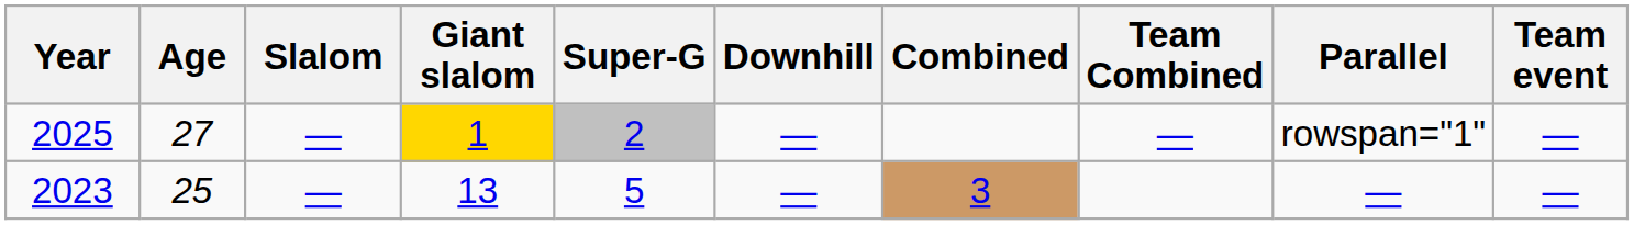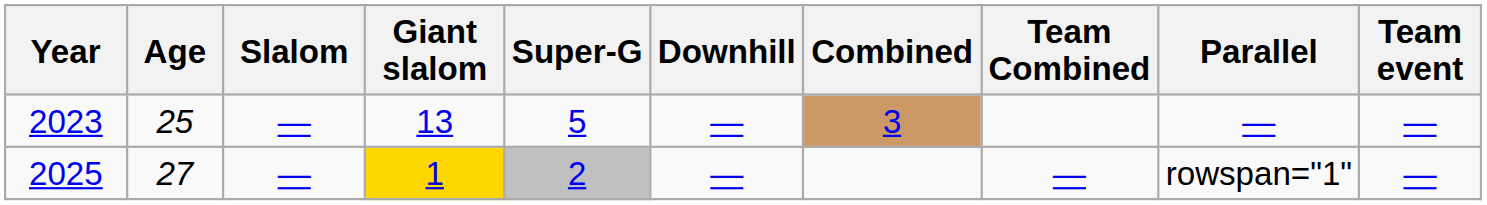 <table class="wikitable" style="text-align:center; font-size:95%;">
 <tr>
 <th>  Year  </th>
 <th> Age </th>
 <th> Slalom </th>
 <th> Giant <br> slalom </th>
 <th>Super-G</th>
 <th>Downhill</th>
 <th>Combined</th>
 <th>Team<br>Combined</th>
 <th>Parallel</th>
 <th>Team<br> event </th>
 </tr>
 <tr>
+<td><a href='#'>2023</a></td>
+<td><em>25</em></td>
+<td><a href='#'>—</a></td>
+<td><a href='#'>13</a></td>
+<td><a href='#'>5</a></td>
+<td><a href='#'>—</a></td>
+<td style="background:#c96;"><a href='#'>3</a></td>
+<td></td>
+<td><a href='#'>—</a></td>
+<td><a href='#'>—</a></td>
+</tr>
+<tr>
 <td><a href='#'>2025</a></td>
 <td><em>27</em></td>
 <td><a href='#'>—</a></td>
 <td style="background:gold;"><a href='#'>1</a></td>
 <td style="background:silver;"><a href='#'>2</a></td>
 <td><a href='#'>—</a></td>
 <td></td>
 <td><a href='#'>—</a></td>
 <td>rowspan="1" </td>
 <td><a href='#'>—</a></td>
 </tr>
-<tr>
-<td><a href='#'>2023</a></td>
-<td><em>25</em></td>
-<td><a href='#'>—</a></td>
-<td><a href='#'>13</a></td>
-<td><a href='#'>5</a></td>
-<td><a href='#'>—</a></td>
-<td style="background:#c96;"><a href='#'>3</a></td>
-<td></td>
-<td><a href='#'>—</a></td>
-<td><a href='#'>—</a></td>
-</tr>
 </table>
